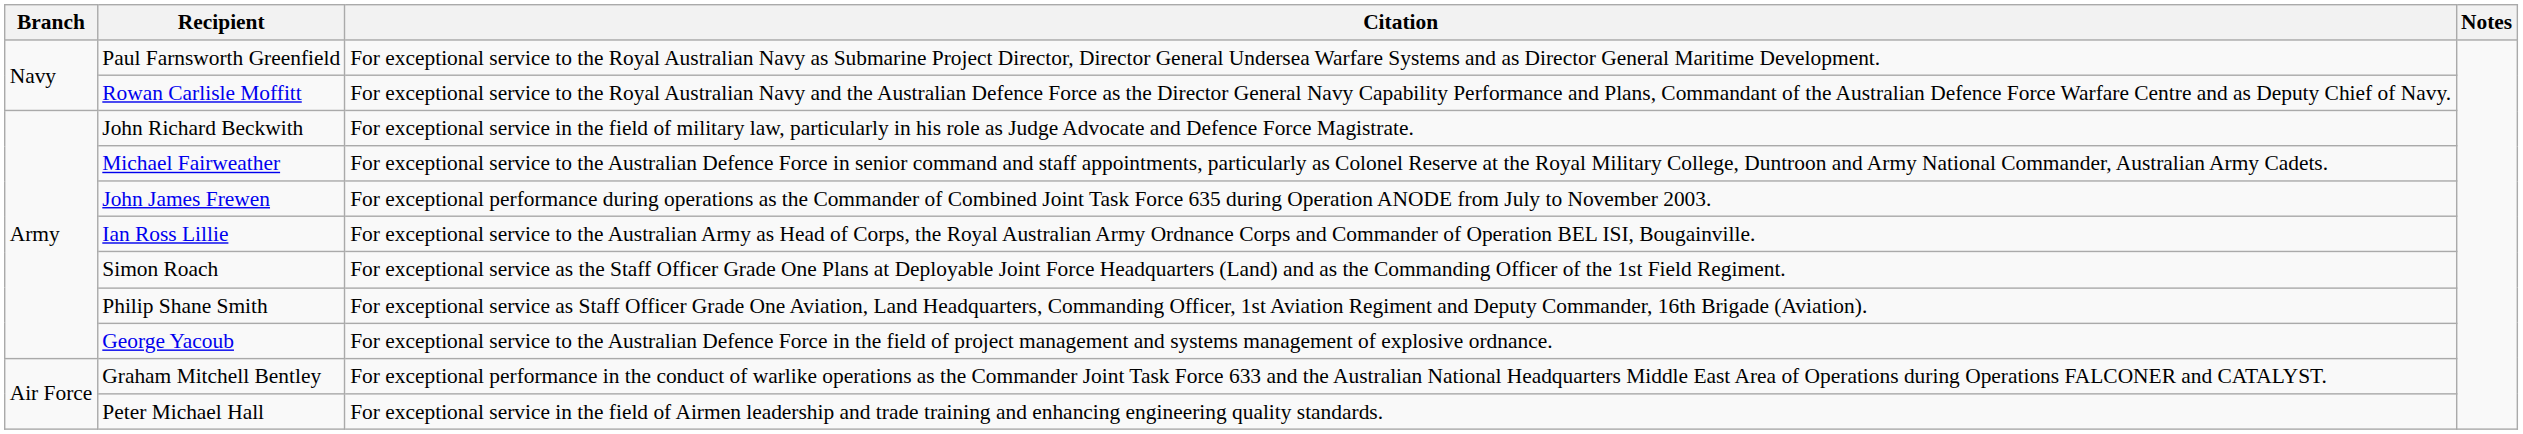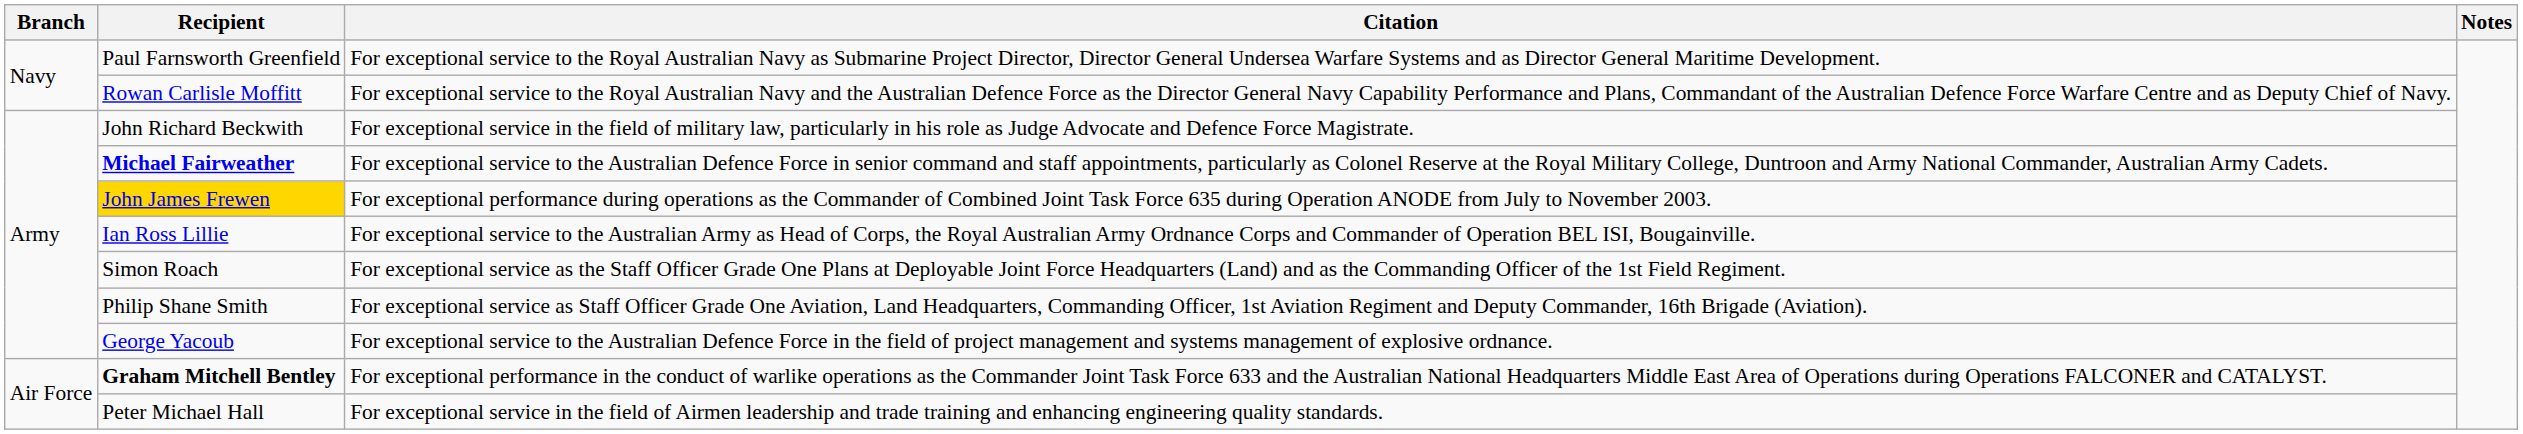 <table class="wikitable" style="font-size:95%;">
 <tr>
 <th>Branch</th>
 <th>Recipient</th>
 <th>Citation</th>
 <th>Notes</th>
 </tr>
 <tr>
 <td rowspan="2">Navy</td>
 <td> Paul Farnsworth Greenfield</td>
 <td>For exceptional service to the Royal Australian Navy as Submarine Project Director, Director General Undersea Warfare Systems and as Director General Maritime Development.</td>
 <td rowspan="11"></td>
 </tr>
 <tr>
 <td> <a href='#'>Rowan Carlisle Moffitt</a></td>
 <td>For exceptional service to the Royal Australian Navy and the Australian Defence Force as the Director General Navy Capability Performance and Plans, Commandant of the Australian Defence Force Warfare Centre and as Deputy Chief of Navy.</td>
 </tr>
 <tr>
 <td rowspan="7">Army</td>
 <td> John Richard Beckwith</td>
 <td>For exceptional service in the field of military law, particularly in his role as Judge Advocate and Defence Force Magistrate.</td>
 </tr>
 <tr>
-<td> <a href='#'>Michael Fairweather</a></td>
+<td><strong> <a href='#'>Michael Fairweather</a></strong></td>
 <td>For exceptional service to the Australian Defence Force in senior command and staff appointments, particularly as Colonel Reserve at the Royal Military College, Duntroon and Army National Commander, Australian Army Cadets.</td>
 </tr>
 <tr>
-<td> <a href='#'>John James Frewen</a></td>
+<td style="background: gold;"> <a href='#'>John James Frewen</a></td>
 <td>For exceptional performance during operations as the Commander of Combined Joint Task Force 635 during Operation ANODE from July to November 2003.</td>
 </tr>
 <tr>
 <td> <a href='#'>Ian Ross Lillie</a></td>
 <td>For exceptional service to the Australian Army as Head of Corps, the Royal Australian Army Ordnance Corps and Commander of Operation BEL ISI, Bougainville.</td>
 </tr>
 <tr>
 <td> Simon Roach</td>
 <td>For exceptional service as the Staff Officer Grade One Plans at Deployable Joint Force Headquarters (Land) and as the Commanding Officer of the 1st Field Regiment.</td>
 </tr>
 <tr>
 <td> Philip Shane Smith</td>
 <td>For exceptional service as Staff Officer Grade One Aviation, Land Headquarters, Commanding Officer, 1st Aviation Regiment and Deputy Commander, 16th Brigade (Aviation).</td>
 </tr>
 <tr>
 <td> <a href='#'>George Yacoub</a></td>
 <td>For exceptional service to the Australian Defence Force in the field of project management and systems management of explosive ordnance.</td>
 </tr>
 <tr>
 <td rowspan="2">Air Force</td>
-<td> Graham Mitchell Bentley</td>
+<td><strong> Graham Mitchell Bentley</strong></td>
 <td>For exceptional performance in the conduct of warlike operations as the Commander Joint Task Force 633 and the Australian National Headquarters Middle East Area of Operations during Operations FALCONER and CATALYST.</td>
 </tr>
 <tr>
 <td> Peter Michael Hall</td>
 <td>For exceptional service in the field of Airmen leadership and trade training and enhancing engineering quality standards.</td>
 </tr>
 </table>
